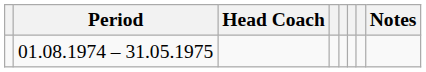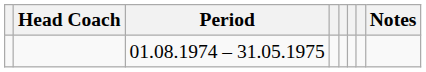 <table class="wikitable" style="text-align: left;">
 <tr>
 <th></th>
+<th>Head Coach</th>
 <th>Period</th>
-<th>Head Coach</th>
 <th></th>
 <th></th>
 <th></th>
 <th></th>
 <th>Notes</th>
 </tr>
 <tr>
 <td></td>
+<td></td>
 <td>01.08.1974 – 31.05.1975</td>
-<td></td>
 <td align="center"></td>
 <td align="center"></td>
 <td align="center"></td>
 <td align="center"></td>
 <td></td>
 </tr>
 </table>
